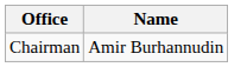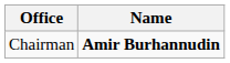 <table class="wikitable">
 <tr>
 <th>Office</th>
 <th>Name</th>
 </tr>
 <tr>
 <td>Chairman</td>
-<td>Amir Burhannudin</td>
+<td><strong>Amir Burhannudin</strong></td>
 </tr>
 </table>
